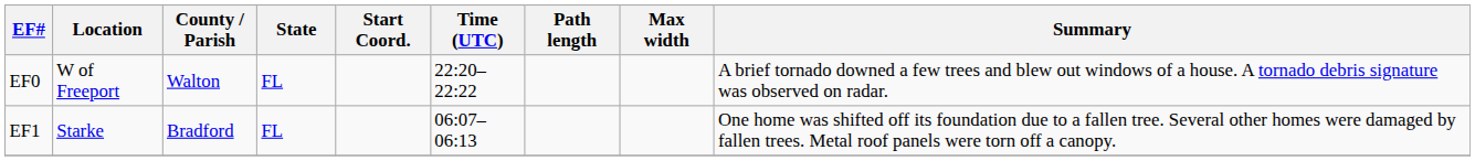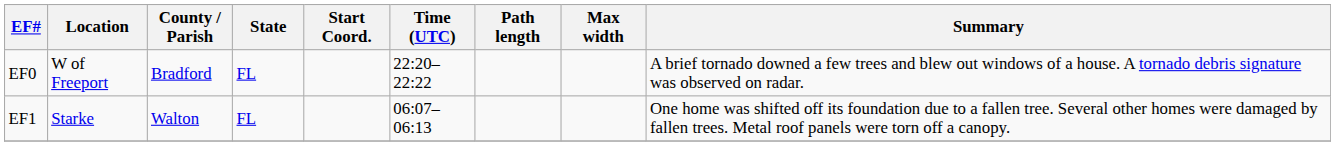 <table class="wikitable sortable" style="width:100%;">
 <tr>
 <th scope="col"  style="width:3%; text-align:center;"><a href='#'>EF#</a></th>
 <th scope="col"  style="width:7%; text-align:center;" class="unsortable">Location</th>
 <th scope="col"  style="width:6%; text-align:center;" class="unsortable">County / Parish</th>
 <th scope="col"  style="width:5%; text-align:center;">State</th>
 <th scope="col"  style="width:6%; text-align:center;">Start Coord.</th>
 <th scope="col"  style="width:6%; text-align:center;">Time (<a href='#'>UTC</a>)</th>
 <th scope="col"  style="width:6%; text-align:center;">Path length</th>
 <th scope="col"  style="width:6%; text-align:center;">Max width</th>
 <th scope="col" class="unsortable" style="width:48%; text-align:center;">Summary</th>
 </tr>
 <tr>
 <td>EF0</td>
 <td>W of <a href='#'>Freeport</a></td>
-<td><a href='#'>Walton</a></td>
+<td><a href='#'>Bradford</a></td>
 <td><a href='#'>FL</a></td>
 <td></td>
 <td>22:20–22:22</td>
 <td></td>
 <td></td>
 <td>A brief tornado downed a few trees and blew out windows of a house. A <a href='#'>tornado debris signature</a> was observed on radar.</td>
 </tr>
 <tr>
 <td>EF1</td>
 <td><a href='#'>Starke</a></td>
-<td><a href='#'>Bradford</a></td>
+<td><a href='#'>Walton</a></td>
 <td><a href='#'>FL</a></td>
 <td></td>
 <td>06:07–06:13</td>
 <td></td>
 <td></td>
 <td>One home was shifted off its foundation due to a fallen tree. Several other homes were damaged by fallen trees. Metal roof panels were torn off a canopy.</td>
 </tr>
 <tr>
 </tr>
 </table>
